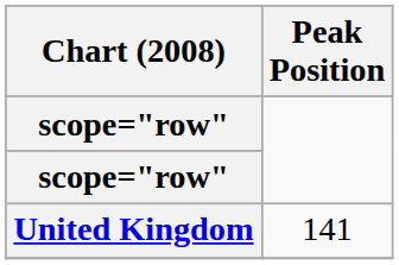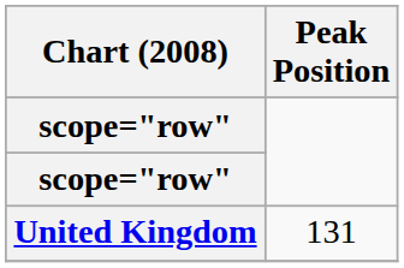 <table class="wikitable sortable plainrowheaders" style="text-align:center;">
 <tr>
 <th scope="col">Chart (2008)</th>
 <th scope="col">Peak<br>Position</th>
 </tr>
 <tr>
 <th>scope="row" </th>
 </tr>
 <tr>
 <th>scope="row" </th>
 </tr>
 <tr>
 <th scope="row"><a href='#'>United Kingdom</a></th>
-<td style="text-align:center;">141</td>
+<td style="text-align:center;">131</td>
 </tr>
 <tr>
 </tr>
 </table>
